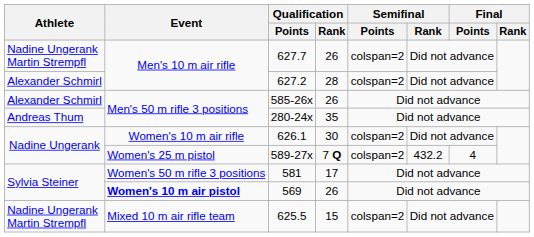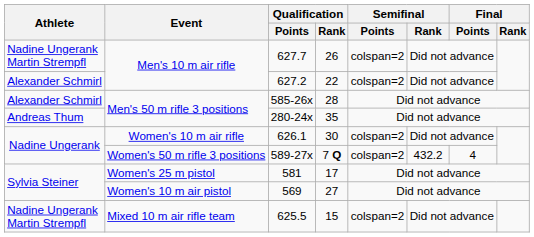 <table class="wikitable" style="font-size:90%">
 <tr>
 <th rowspan="2">Athlete</th>
 <th rowspan="2">Event</th>
 <th colspan=2>Qualification</th>
 <th colspan=2>Semifinal</th>
 <th colspan=2>Final</th>
 </tr>
 <tr style="font-size:95%">
 <th>Points</th>
 <th>Rank</th>
 <th>Points</th>
 <th>Rank</th>
 <th>Points</th>
 <th>Rank</th>
 </tr>
 <tr align=center>
 <td align=left><a href='#'>Nadine Ungerank</a><br><a href='#'>Martin Strempfl</a></td>
 <td rowspan="2"><a href='#'>Men's 10 m air rifle</a></td>
 <td>627.7</td>
 <td>26</td>
 <td>colspan=2 </td>
 <td colspan=2>Did not advance</td>
 </tr>
 <tr align="center">
 <td><a href='#'>Alexander Schmirl</a></td>
 <td>627.2</td>
-<td>28</td>
+<td>22</td>
 <td>colspan=2 </td>
 <td colspan=2>Did not advance</td>
 </tr>
 <tr align=center>
 <td align=left><a href='#'>Alexander Schmirl</a></td>
 <td align=left rowspan=2><a href='#'>Men's 50 m rifle 3 positions</a></td>
 <td>585-26x</td>
-<td>26</td>
+<td>28</td>
 <td colspan=4>Did not advance</td>
 </tr>
 <tr align=center>
 <td align=left><a href='#'>Andreas Thum</a></td>
 <td>280-24x</td>
 <td>35</td>
 <td colspan=4>Did not advance</td>
 </tr>
 <tr align=center>
 <td rowspan="2"><a href='#'>Nadine Ungerank</a></td>
 <td><a href='#'>Women's 10 m air rifle</a></td>
 <td>626.1</td>
 <td>30</td>
 <td>colspan=2 </td>
 <td colspan=2>Did not advance</td>
 </tr>
 <tr align=center>
-<td align=left><a href='#'>Women's 25 m pistol</a></td>
+<td align="left"><a href='#'>Women's 50 m rifle 3 positions</a></td>
 <td>589-27x</td>
 <td>7 <strong>Q</strong></td>
 <td>colspan=2 </td>
 <td>432.2</td>
 <td>4</td>
 </tr>
 <tr align=center>
 <td rowspan="2" align="left"><a href='#'>Sylvia Steiner</a></td>
-<td align="left"><a href='#'>Women's 50 m rifle 3 positions</a></td>
+<td align=left><a href='#'>Women's 25 m pistol</a></td>
 <td>581</td>
 <td>17</td>
 <td colspan=4>Did not advance</td>
 </tr>
 <tr align=center>
-<td align=left><strong><a href='#'>Women's 10 m air pistol</a></strong></td>
+<td align=left><a href='#'>Women's 10 m air pistol</a></td>
 <td>569</td>
-<td>26</td>
+<td>27</td>
 <td colspan=4>Did not advance</td>
 </tr>
 <tr align=center>
 <td align=left><a href='#'>Nadine Ungerank</a><br><a href='#'>Martin Strempfl</a></td>
 <td align=left><a href='#'>Mixed 10 m air rifle team</a></td>
 <td>625.5</td>
 <td>15</td>
 <td>colspan=2 </td>
 <td colspan=2>Did not advance</td>
 </tr>
 </table>
